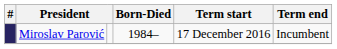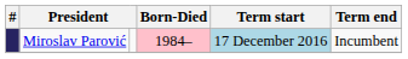 <table class="wikitable" style="text-align:center">
 <tr>
 <th>#</th>
 <th colspan="2">President</th>
 <th>Born-Died</th>
 <th>Term start</th>
 <th>Term end</th>
 </tr>
 <tr>
 <th style="background:#272361;"></th>
 <td><a href='#'>Miroslav Parović</a></td>
 <td></td>
-<td>1984–</td>
-<td>17 December 2016</td>
+<td style="background: pink;">1984–</td>
+<td style="background: lightblue;">17 December 2016</td>
 <td>Incumbent</td>
 </tr>
 <tr>
 </tr>
 </table>
